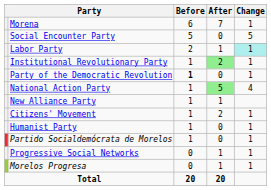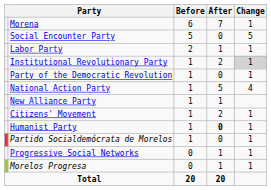 <table class="wikitable" style="text-align:center;">
 <tr>
 <th colspan="2">Party</th>
 <th style="width:3em">Before</th>
 <th style="width:3em">After</th>
 <th style="width:3em">Change</th>
 </tr>
 <tr>
 <th style="background-color:"></th>
 <td style="text-align:left;"><a href='#'>Morena</a></td>
 <td>6</td>
 <td>7</td>
 <td>1</td>
 </tr>
 <tr>
 <th style="background-color:"></th>
 <td style="text-align:left;"><a href='#'>Social Encounter Party</a></td>
 <td>5</td>
 <td>0</td>
 <td>5</td>
 </tr>
 <tr>
 <th style="background-color:"></th>
 <td style="text-align:left;"><a href='#'>Labor Party</a></td>
 <td>2</td>
 <td>1</td>
-<td style="background: paleturquoise;">1</td>
+<td>1</td>
 </tr>
 <tr>
 <th style="background-color:"></th>
 <td style="text-align:left;"><a href='#'>Institutional Revolutionary Party</a></td>
 <td>1</td>
-<td style="background: lightgreen;">2</td>
-<td>1</td>
+<td>2</td>
+<td style="background: lightgrey;">1</td>
 </tr>
 <tr>
 <th style="background-color:"></th>
 <td style="text-align:left;"><a href='#'>Party of the Democratic Revolution</a></td>
-<td><strong>1</strong></td>
+<td>1</td>
 <td>0</td>
 <td>1</td>
 </tr>
 <tr>
 <th style="background-color:"></th>
 <td style="text-align:left;"><a href='#'>National Action Party</a></td>
 <td>1</td>
-<td style="background: lightgreen;">5</td>
+<td>5</td>
 <td>4</td>
 </tr>
 <tr>
 <th style="background-color:"></th>
 <td style="text-align:left;"><a href='#'>New Alliance Party</a></td>
 <td>1</td>
 <td>1</td>
 <td></td>
 </tr>
 <tr>
 <th style="background-color:"></th>
 <td style="text-align:left;"><a href='#'>Citizens' Movement</a></td>
 <td>1</td>
 <td>2</td>
 <td>1</td>
 </tr>
 <tr>
 <th style="background-color:"></th>
 <td style="text-align:left;"><a href='#'>Humanist Party</a></td>
 <td>1</td>
-<td>0</td>
+<td><strong>0</strong></td>
 <td>1</td>
 </tr>
 <tr>
 <th style="background-color:#e52d38;"></th>
 <td style="text-align:left;"><em>Partido Socialdemócrata de Morelos</em></td>
 <td>1</td>
 <td>0</td>
 <td>1</td>
 </tr>
 <tr>
 <th style="background-color:"></th>
 <td style="text-align:left;"><a href='#'>Progressive Social Networks</a></td>
 <td>0</td>
 <td>1</td>
 <td>1</td>
 </tr>
 <tr>
 <th style="background-color:#9acd32;"></th>
 <td style="text-align:left;"><em>Morelos Progresa</em></td>
 <td>0</td>
 <td>1</td>
 <td>1</td>
 </tr>
 <tr>
 <td colspan="2"><strong>Total</strong></td>
 <td><strong>20</strong></td>
 <td><strong>20</strong></td>
 <td></td>
 </tr>
 </table>
